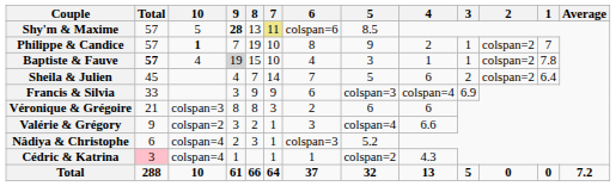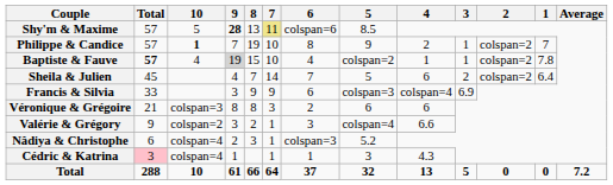 <table class="wikitable sortable collapsible" style="margin:auto; font-size:95%; line-height:12px; text-align:center">
 <tr>
 <th>Couple</th>
 <th>Total</th>
 <th>10</th>
 <th>9</th>
 <th>8</th>
 <th>7</th>
 <th>6</th>
 <th>5</th>
 <th>4</th>
 <th>3</th>
 <th>2</th>
 <th>1</th>
 <th>Average</th>
 </tr>
 <tr>
 <th>Shy'm & Maxime</th>
 <td>57</td>
 <td>5</td>
 <td><strong>28</strong></td>
 <td>13</td>
 <td style="background: khaki;">11</td>
 <td>colspan=6 </td>
 <td>8.5</td>
 </tr>
 <tr>
 <th>Philippe & Candice</th>
 <td>57</td>
 <td><strong>1</strong></td>
 <td>7</td>
 <td>19</td>
 <td>10</td>
 <td>8</td>
 <td>9</td>
 <td>2</td>
 <td>1</td>
 <td>colspan=2 </td>
 <td>7</td>
 </tr>
 <tr>
 <th>Baptiste & Fauve</th>
 <td><strong>57</strong></td>
 <td>4</td>
 <td style="background: lightgrey;">19</td>
 <td>15</td>
 <td>10</td>
 <td>4</td>
-<td>3</td>
+<td>colspan=2 </td>
 <td>1</td>
 <td>1</td>
 <td>colspan=2 </td>
 <td>7.8</td>
 </tr>
 <tr>
 <th>Sheila & Julien</th>
 <td>45</td>
 <td></td>
 <td>4</td>
 <td>7</td>
 <td>14</td>
 <td>7</td>
 <td>5</td>
 <td>6</td>
 <td>2</td>
 <td>colspan=2 </td>
 <td>6.4</td>
 </tr>
 <tr>
 <th>Francis & Silvia</th>
 <td>33</td>
 <td></td>
 <td>3</td>
 <td>9</td>
 <td>9</td>
 <td>6</td>
 <td>colspan=3 </td>
 <td>colspan=4 </td>
 <td>6.9</td>
 </tr>
 <tr>
 <th>Véronique & Grégoire</th>
 <td>21</td>
 <td>colspan=3 </td>
 <td>8</td>
 <td>8</td>
 <td>3</td>
 <td>2</td>
 <td>6</td>
 <td>6</td>
 </tr>
 <tr>
 <th>Valérie & Grégory</th>
 <td>9</td>
 <td>colspan=2 </td>
 <td>3</td>
 <td>2</td>
 <td>1</td>
 <td>3</td>
 <td>colspan=4 </td>
 <td>6.6</td>
 </tr>
 <tr>
 <th>Nâdiya & Christophe</th>
 <td>6</td>
 <td>colspan=4 </td>
 <td>2</td>
 <td>3</td>
 <td>1</td>
 <td>colspan=3 </td>
 <td>5.2</td>
 </tr>
 <tr>
 <th>Cédric & Katrina</th>
 <td style="background: pink;">3</td>
 <td>colspan=4 </td>
 <td>1</td>
 <td></td>
 <td>1</td>
 <td>1</td>
-<td>colspan=2 </td>
+<td>3</td>
 <td>4.3</td>
 </tr>
 <tr>
 <th>Total</th>
 <td><strong>288</strong></td>
 <td><strong>10</strong></td>
 <td><strong>61</strong></td>
 <td><strong>66</strong></td>
 <td><strong>64</strong></td>
 <td><strong>37</strong></td>
 <td><strong>32</strong></td>
 <td><strong>13</strong></td>
 <td><strong>5</strong></td>
 <td><strong>0</strong></td>
 <td><strong>0</strong></td>
 <td><strong>7.2</strong></td>
 </tr>
 </table>
